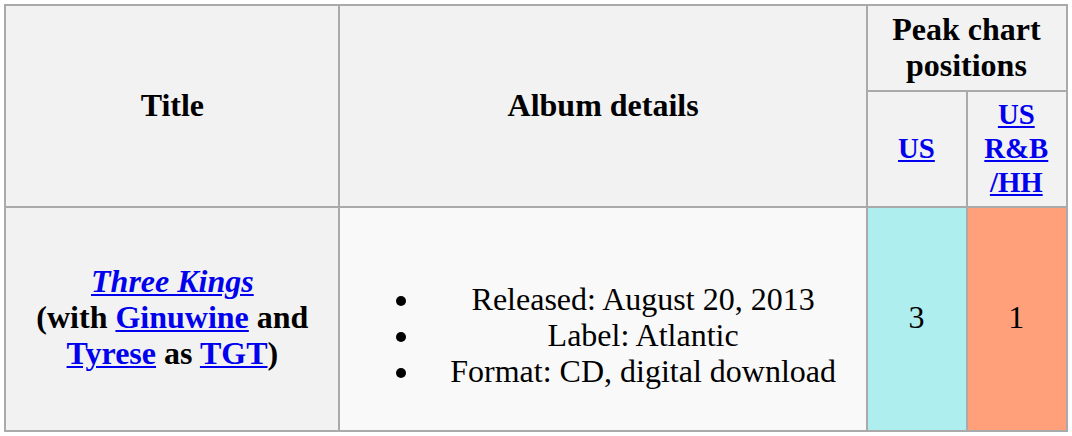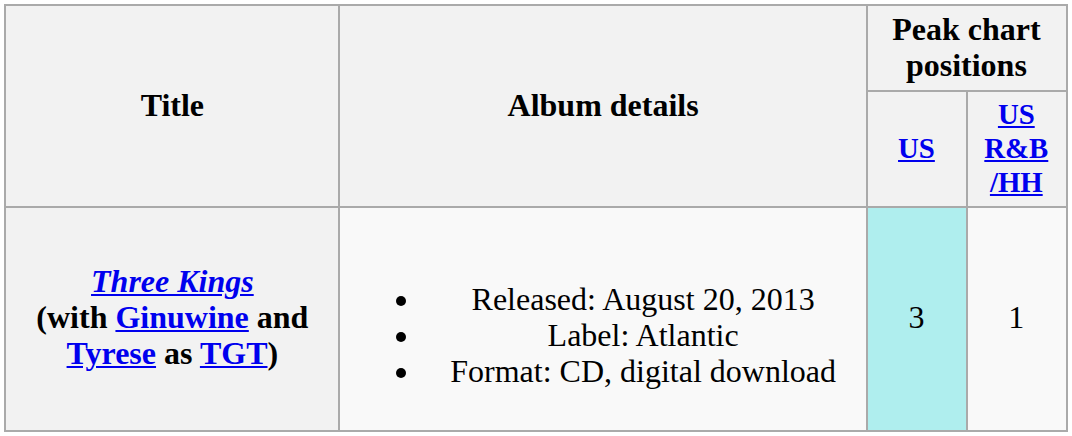 <table class="wikitable plainrowheaders" style="text-align:center;">
 <tr>
 <th scope="col" rowspan="2" style="width:10em;">Title</th>
 <th scope="col" rowspan="2" style="width:16em;">Album details</th>
 <th scope="col" colspan="2">Peak chart positions</th>
 </tr>
 <tr>
 <th scope="col" style="width:3em;font-size:90%;"><a href='#'>US</a><br></th>
 <th scope="col" style="width:3em;font-size:90%;"><a href='#'>US<br>R&B<br>/HH</a><br></th>
 </tr>
 <tr>
 <th scope="row"><em><a href='#'>Three Kings</a></em> <br><span>(with <a href='#'>Ginuwine</a> and <a href='#'>Tyrese</a> as <a href='#'>TGT</a>)</span></th>
 <td><br><ul><li>Released: August 20, 2013</li><li>Label: Atlantic</li><li>Format: CD, digital download</li></ul></td>
 <td style="background: paleturquoise;">3</td>
-<td style="background: lightsalmon;">1</td>
+<td>1</td>
 </tr>
 </table>
